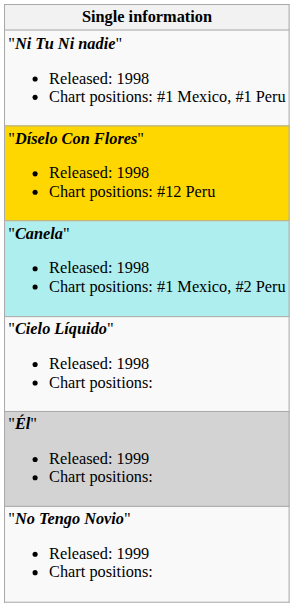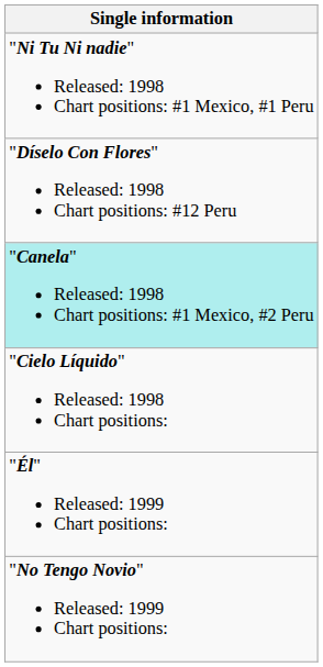 <table class="wikitable">
 <tr>
 <th align="left">Single information</th>
 </tr>
 <tr>
 <td align="left">"<strong><em>Ni Tu Ni nadie</em></strong>"<br><ul><li>Released:  1998</li><li>Chart positions: #1 Mexico, #1 Peru</li></ul></td>
 </tr>
 <tr>
-<td align="left" style="background: gold;">"<strong><em>Díselo Con Flores</em></strong>"<br><ul><li>Released:  1998</li><li>Chart positions: #12 Peru</li></ul></td>
+<td align="left">"<strong><em>Díselo Con Flores</em></strong>"<br><ul><li>Released:  1998</li><li>Chart positions: #12 Peru</li></ul></td>
 </tr>
 <tr>
 <td align="left" style="background: paleturquoise;">"<strong><em>Canela</em></strong>"<br><ul><li>Released:  1998</li><li>Chart positions: #1 Mexico, #2 Peru</li></ul></td>
 </tr>
 <tr>
 <td align="left">"<strong><em>Cielo Líquido</em></strong>"<br><ul><li>Released:  1998</li><li>Chart positions:</li></ul></td>
 </tr>
 <tr>
-<td align="left" style="background: lightgrey;">"<strong><em>Él</em></strong>"<br><ul><li>Released:  1999</li><li>Chart positions:</li></ul></td>
+<td align="left">"<strong><em>Él</em></strong>"<br><ul><li>Released:  1999</li><li>Chart positions:</li></ul></td>
 </tr>
 <tr>
 <td align="left">"<strong><em>No Tengo Novio</em></strong>"<br><ul><li>Released:  1999</li><li>Chart positions:</li></ul></td>
 </tr>
 </table>
